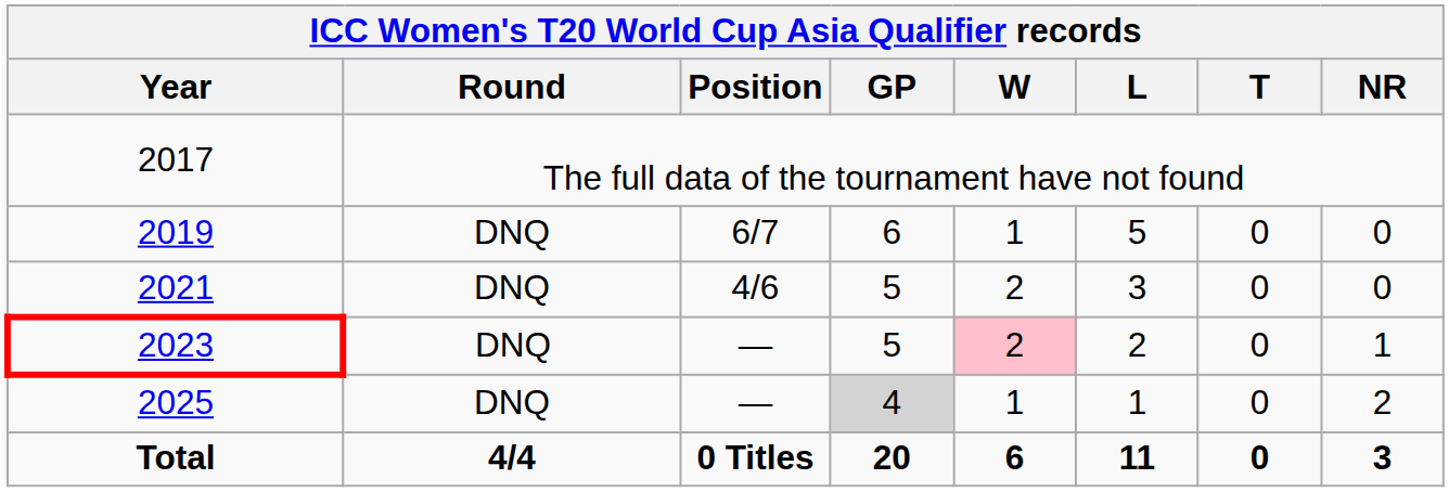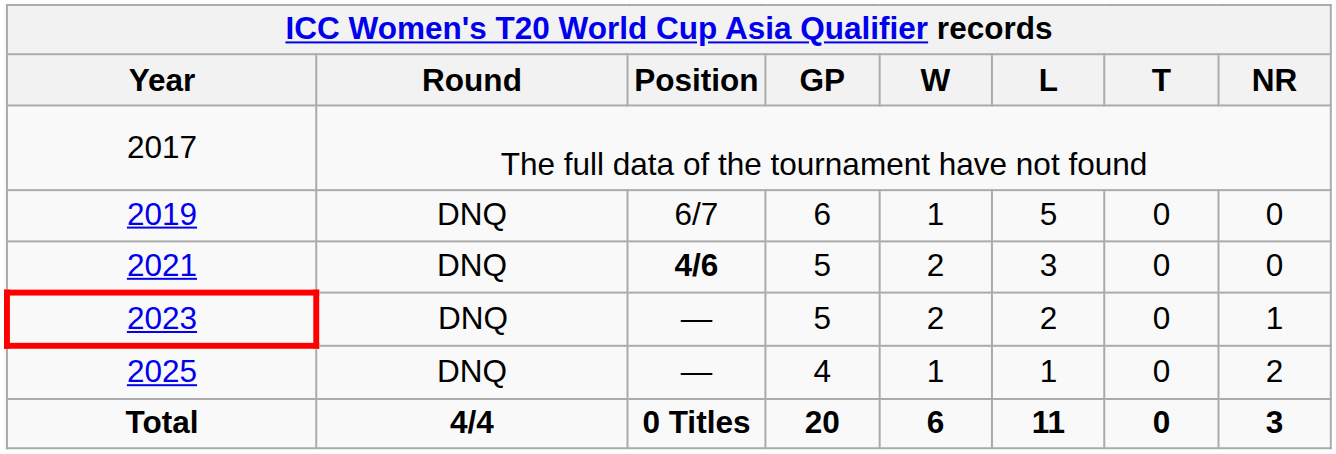 <table class="wikitable" style="text-align: center;">
 <tr>
 <th colspan=8><a href='#'>ICC Women's T20 World Cup Asia Qualifier</a> records</th>
 </tr>
 <tr>
 <th width=150>Year</th>
 <th width=150>Round</th>
 <th width=50>Position</th>
 <th width=50>GP</th>
 <th width=50>W</th>
 <th width=50>L</th>
 <th width=50>T</th>
 <th width=50>NR</th>
 </tr>
 <tr>
 <td> 2017</td>
 <td colspan=8><br>The full data of the tournament have not found</td>
 </tr>
 <tr>
 <td> <a href='#'>2019</a></td>
 <td>DNQ</td>
 <td>6/7</td>
 <td>6</td>
 <td>1</td>
 <td>5</td>
 <td>0</td>
 <td>0</td>
 </tr>
 <tr>
 <td> <a href='#'>2021</a></td>
 <td>DNQ</td>
-<td>4/6</td>
+<td><strong>4/6</strong></td>
 <td>5</td>
 <td>2</td>
 <td>3</td>
 <td>0</td>
 <td>0</td>
 </tr>
 <tr>
 <td style="border: 3px solid red"> <a href='#'>2023</a></td>
 <td>DNQ</td>
 <td>—</td>
 <td>5</td>
-<td style="background: pink;">2</td>
+<td>2</td>
 <td>2</td>
 <td>0</td>
 <td>1</td>
 </tr>
 <tr>
 <td> <a href='#'>2025</a></td>
 <td>DNQ</td>
 <td>—</td>
-<td style="background: lightgrey;">4</td>
+<td>4</td>
 <td>1</td>
 <td>1</td>
 <td>0</td>
 <td>2</td>
 </tr>
 <tr>
 <td><strong>Total</strong></td>
 <td><strong>4/4</strong></td>
 <td><strong>0 Titles</strong></td>
 <td><strong>20</strong></td>
 <td><strong>6</strong></td>
 <td><strong>11</strong></td>
 <td><strong>0</strong></td>
 <td><strong>3</strong></td>
 </tr>
 </table>
